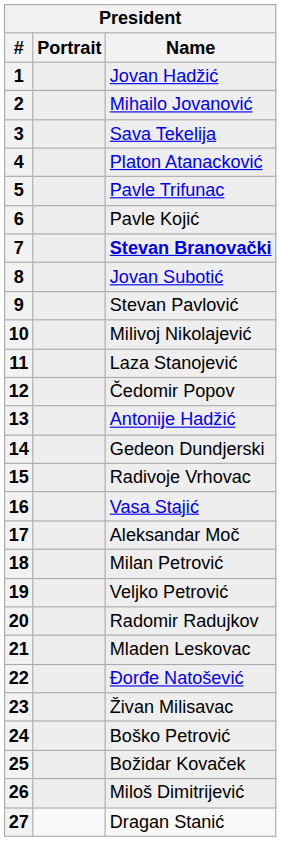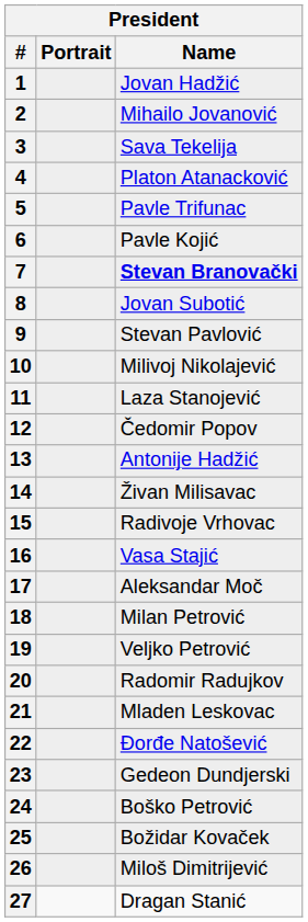 <table class="wikitable">
 <tr>
 <th colspan=3>President</th>
 </tr>
 <tr ->
 <th>#</th>
 <th>Portrait</th>
 <th>Name</th>
 </tr>
 <tr - bgcolor=#EEEEEE>
 <th style="background:">1</th>
 <td></td>
 <td><a href='#'>Jovan Hadžić</a></td>
 </tr>
 <tr - bgcolor=#EEEEEE>
 <th style="background:">2</th>
 <td></td>
 <td><a href='#'>Mihailo Jovanović</a></td>
 </tr>
 <tr - bgcolor=#EEEEEE>
 <th style="background:">3</th>
 <td></td>
 <td><a href='#'>Sava Tekelija</a></td>
 </tr>
 <tr - bgcolor=#EEEEEE>
 <th style="background:">4</th>
 <td></td>
 <td><a href='#'>Platon Atanacković</a></td>
 </tr>
 <tr - bgcolor="#EEEEEE">
 <th style="background:">5</th>
 <td></td>
 <td><a href='#'>Pavle Trifunac</a></td>
 </tr>
 <tr - bgcolor="#EEEEEE">
 <th style="background:">6</th>
 <td></td>
 <td>Pavle Kojić</td>
 </tr>
 <tr - bgcolor="#EEEEEE">
 <th style="background:">7</th>
 <td></td>
 <td><strong><a href='#'>Stevan Branovački</a></strong></td>
 </tr>
 <tr - bgcolor="#EEEEEE">
 <th style="background:">8</th>
 <td></td>
 <td><a href='#'>Jovan Subotić</a></td>
 </tr>
 <tr - bgcolor="#EEEEEE">
 <th style="background:">9</th>
 <td></td>
 <td>Stevan Pavlović</td>
 </tr>
 <tr - bgcolor="#EEEEEE">
 <th style="background:">10</th>
 <td></td>
 <td>Milivoj Nikolajević</td>
 </tr>
 <tr - bgcolor="#EEEEEE">
 <th style="background:">11</th>
 <td></td>
 <td>Laza Stanojević</td>
 </tr>
 <tr - bgcolor="#EEEEEE">
 <th style="background:">12</th>
 <td></td>
 <td>Čedomir Popov</td>
 </tr>
 <tr - bgcolor="#EEEEEE">
 <th style="background:">13</th>
 <td></td>
 <td><a href='#'>Antonije Hadžić</a></td>
 </tr>
 <tr - bgcolor="#EEEEEE">
 <th style="background:">14</th>
 <td></td>
-<td>Gedeon Dundjerski</td>
+<td>Živan Milisavac</td>
 </tr>
 <tr - bgcolor="#EEEEEE">
 <th style="background:">15</th>
 <td></td>
 <td>Radivoje Vrhovac</td>
 </tr>
 <tr - bgcolor="#EEEEEE">
 <th style="background:">16</th>
 <td></td>
 <td><a href='#'>Vasa Stajić</a></td>
 </tr>
 <tr - bgcolor="#EEEEEE">
 <th style="background:">17</th>
 <td></td>
 <td>Aleksandar Moč</td>
 </tr>
 <tr - bgcolor="#EEEEEE">
 <th style="background:">18</th>
 <td></td>
 <td>Milan Petrović</td>
 </tr>
 <tr - bgcolor="#EEEEEE">
 <th style="background:">19</th>
 <td></td>
 <td>Veljko Petrović</td>
 </tr>
 <tr - bgcolor="#EEEEEE">
 <th style="background:">20</th>
 <td></td>
 <td>Radomir Radujkov</td>
 </tr>
 <tr - bgcolor="#EEEEEE">
 <th style="background:">21</th>
 <td></td>
 <td>Mladen Leskovac</td>
 </tr>
 <tr - bgcolor="#EEEEEE">
 <th style="background:">22</th>
 <td></td>
 <td><a href='#'>Đorđe Natošević</a></td>
 </tr>
 <tr - bgcolor="#EEEEEE">
 <th style="background:">23</th>
 <td></td>
-<td>Živan Milisavac</td>
+<td>Gedeon Dundjerski</td>
 </tr>
 <tr - bgcolor="#EEEEEE">
 <th style="background:">24</th>
 <td></td>
 <td>Boško Petrović</td>
 </tr>
 <tr - bgcolor="#EEEEEE">
 <th style="background:">25</th>
 <td></td>
 <td>Božidar Kovaček</td>
 </tr>
 <tr - bgcolor="#EEEEEE">
 <th style="background:">26</th>
 <td></td>
 <td>Miloš Dimitrijević</td>
 </tr>
 <tr>
 <th>27</th>
 <td></td>
 <td>Dragan Stanić</td>
 </tr>
 </table>
